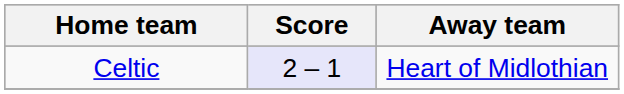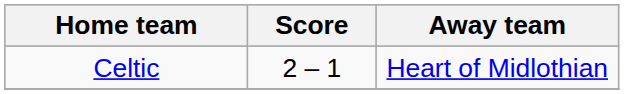 <table class="wikitable" style="text-align: center">
 <tr>
 <th width=140>Home team</th>
 <th width=70>Score</th>
 <th width=140>Away team</th>
 </tr>
 <tr>
 <td><a href='#'>Celtic</a></td>
-<td style="background: lavender;">2 – 1</td>
+<td>2 – 1</td>
 <td><a href='#'>Heart of Midlothian</a></td>
 </tr>
 <tr>
 </tr>
 </table>
